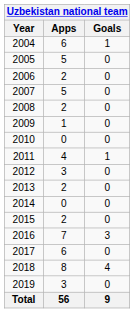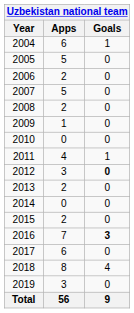 <table class="wikitable" style="text-align:center">
 <tr>
 <th colspan=3><a href='#'>Uzbekistan national team</a></th>
 </tr>
 <tr>
 <th>Year</th>
 <th>Apps</th>
 <th>Goals</th>
 </tr>
 <tr>
 <td>2004</td>
 <td>6</td>
 <td>1</td>
 </tr>
 <tr>
 <td>2005</td>
 <td>5</td>
 <td>0</td>
 </tr>
 <tr>
 <td>2006</td>
 <td>2</td>
 <td>0</td>
 </tr>
 <tr>
 <td>2007</td>
 <td>5</td>
 <td>0</td>
 </tr>
 <tr>
 <td>2008</td>
 <td>2</td>
 <td>0</td>
 </tr>
 <tr>
 <td>2009</td>
 <td>1</td>
 <td>0</td>
 </tr>
 <tr>
 <td>2010</td>
 <td>0</td>
 <td>0</td>
 </tr>
 <tr>
 <td>2011</td>
 <td>4</td>
 <td>1</td>
 </tr>
 <tr>
 <td>2012</td>
 <td>3</td>
-<td>0</td>
+<td><strong>0</strong></td>
 </tr>
 <tr>
 <td>2013</td>
 <td>2</td>
 <td>0</td>
 </tr>
 <tr>
 <td>2014</td>
 <td>0</td>
 <td>0</td>
 </tr>
 <tr>
 <td>2015</td>
 <td>2</td>
 <td>0</td>
 </tr>
 <tr>
 <td>2016</td>
 <td>7</td>
-<td>3</td>
+<td><strong>3</strong></td>
 </tr>
 <tr>
 <td>2017</td>
 <td>6</td>
 <td>0</td>
 </tr>
 <tr>
 <td>2018</td>
 <td>8</td>
 <td>4</td>
 </tr>
 <tr>
 <td>2019</td>
 <td>3</td>
 <td>0</td>
 </tr>
 <tr>
 <th>Total</th>
 <th>56</th>
 <th>9</th>
 </tr>
 </table>
